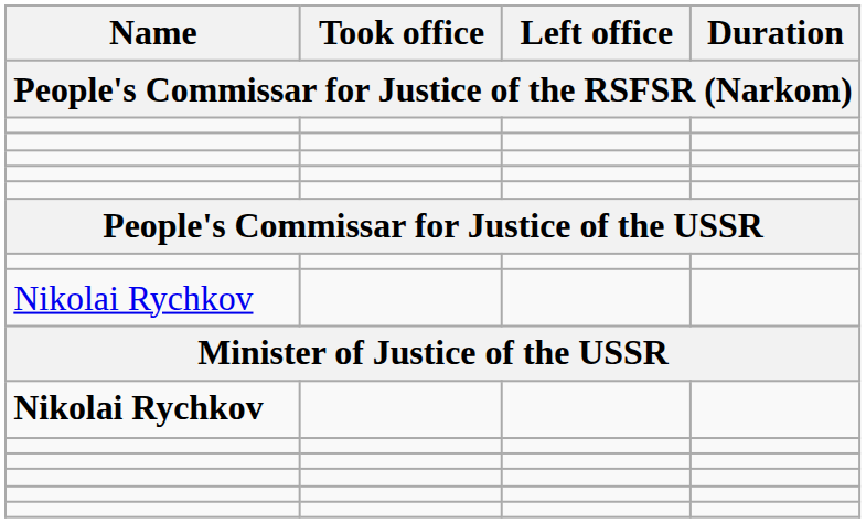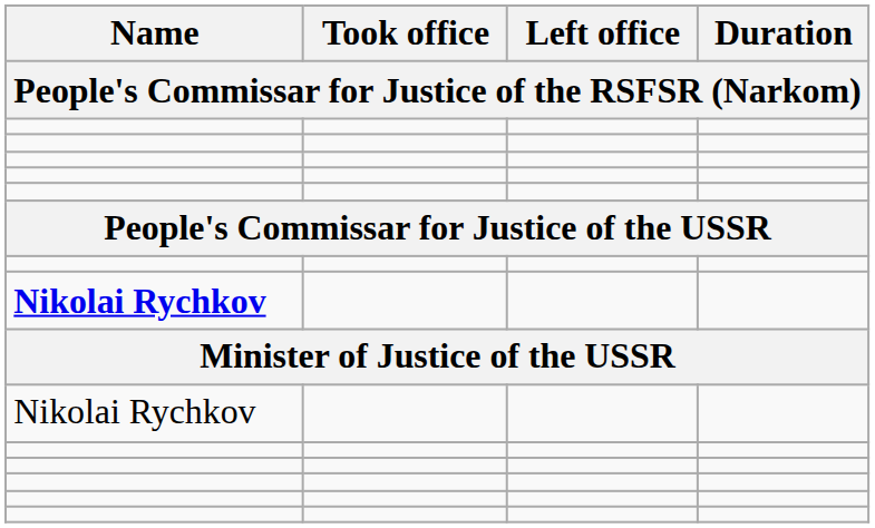 <table class="wikitable sortable">
 <tr>
 <th>Name</th>
 <th>Took office</th>
 <th>Left office</th>
 <th>Duration</th>
 </tr>
 <tr>
 <th colspan=4>People's Commissar for Justice of the RSFSR (Narkom)</th>
 </tr>
 <tr>
 <td></td>
 <td></td>
 <td></td>
 <td></td>
 </tr>
 <tr>
 <td></td>
 <td></td>
 <td></td>
 <td></td>
 </tr>
 <tr>
 <td></td>
 <td></td>
 <td></td>
 <td></td>
 </tr>
 <tr>
 <td></td>
 <td></td>
 <td></td>
 <td></td>
 </tr>
 <tr>
 <td></td>
 <td></td>
 <td></td>
 <td></td>
 </tr>
 <tr>
 <th colspan=4>People's Commissar for Justice of the USSR</th>
 </tr>
 <tr>
 <td></td>
 <td></td>
 <td></td>
 <td></td>
 </tr>
 <tr>
-<td><a href='#'>Nikolai Rychkov</a></td>
+<td><strong><a href='#'>Nikolai Rychkov</a></strong></td>
 <td></td>
 <td></td>
 <td></td>
 </tr>
 <tr>
 <th colspan=4>Minister of Justice of the USSR</th>
 </tr>
 <tr>
-<td><strong>Nikolai Rychkov</strong></td>
+<td>Nikolai Rychkov</td>
 <td></td>
 <td></td>
 <td></td>
 </tr>
 <tr>
 <td></td>
 <td></td>
 <td></td>
 <td></td>
 </tr>
 <tr>
 <td></td>
 <td></td>
 <td></td>
 <td></td>
 </tr>
 <tr>
 <td></td>
 <td></td>
 <td></td>
 <td></td>
 </tr>
 <tr>
 <td></td>
 <td></td>
 <td></td>
 <td></td>
 </tr>
 <tr>
 <td></td>
 <td></td>
 <td></td>
 <td></td>
 </tr>
 </table>
